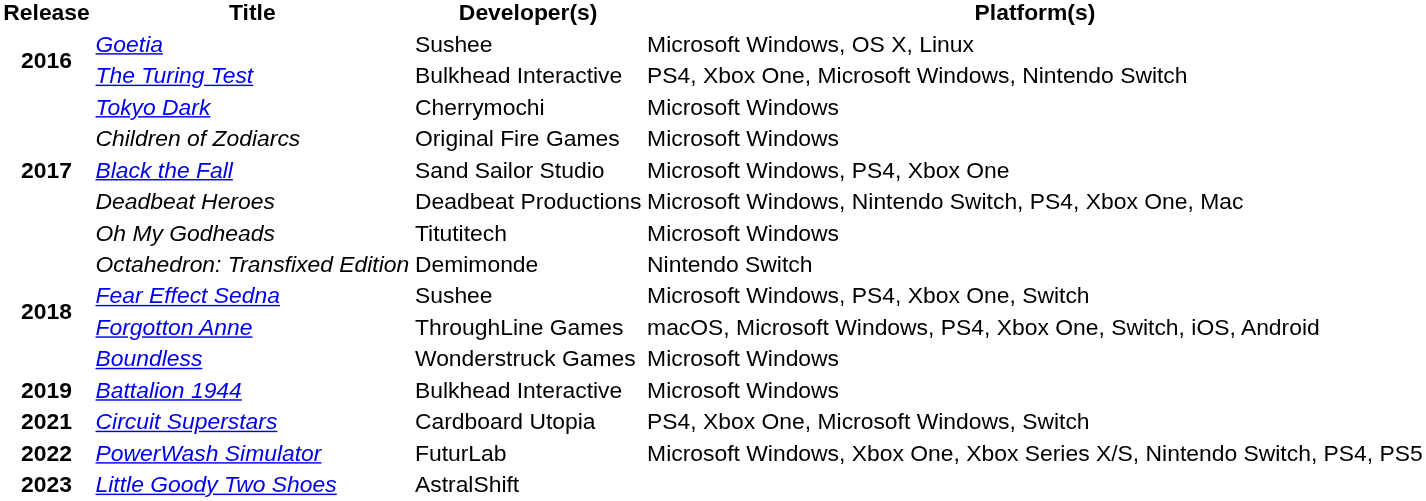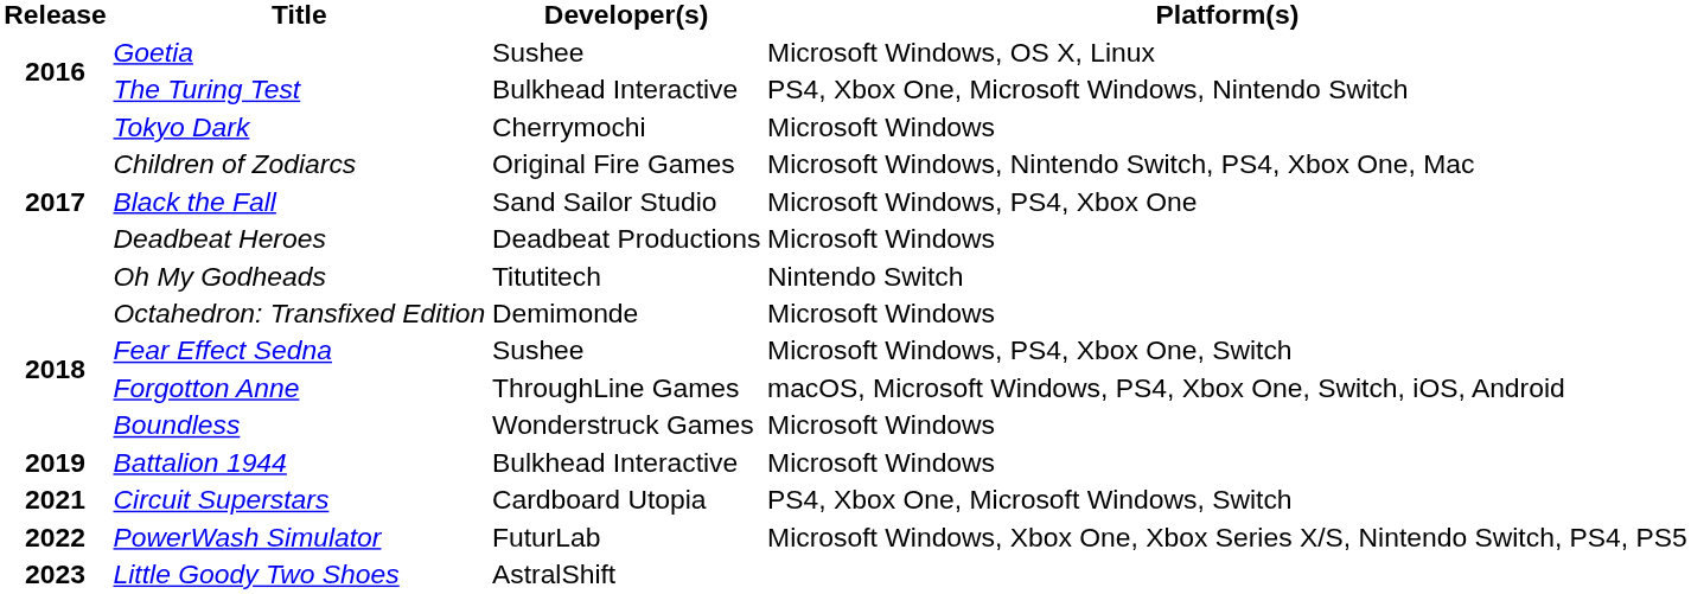 <table>
 <tr>
 <th>Release</th>
 <th>Title</th>
 <th>Developer(s)</th>
 <th>Platform(s)</th>
 <th></th>
 </tr>
 <tr>
 <th rowspan="2">2016</th>
 <td><em><a href='#'>Goetia</a></em></td>
 <td>Sushee</td>
 <td>Microsoft Windows, OS X, Linux</td>
 <td></td>
 </tr>
 <tr>
 <td><em><a href='#'>The Turing Test</a></em></td>
 <td>Bulkhead Interactive</td>
 <td>PS4, Xbox One, Microsoft Windows, Nintendo Switch</td>
 <td></td>
 </tr>
 <tr>
 <th rowspan="5">2017</th>
 <td><em><a href='#'>Tokyo Dark</a></em></td>
 <td>Cherrymochi</td>
 <td>Microsoft Windows</td>
 <td></td>
 </tr>
 <tr>
 <td><em>Children of Zodiarcs</em></td>
 <td>Original Fire Games</td>
-<td>Microsoft Windows</td>
+<td>Microsoft Windows, Nintendo Switch, PS4, Xbox One, Mac</td>
 <td></td>
 </tr>
 <tr>
 <td><em><a href='#'>Black the Fall</a></em></td>
 <td>Sand Sailor Studio</td>
 <td>Microsoft Windows, PS4, Xbox One</td>
 <td></td>
 </tr>
 <tr>
 <td><em>Deadbeat Heroes</em></td>
 <td>Deadbeat Productions</td>
-<td>Microsoft Windows, Nintendo Switch, PS4, Xbox One, Mac</td>
+<td>Microsoft Windows</td>
 <td></td>
 </tr>
 <tr>
 <td><em>Oh My Godheads</em></td>
 <td>Titutitech</td>
-<td>Microsoft Windows</td>
+<td>Nintendo Switch</td>
 <td></td>
 </tr>
 <tr>
 <th rowspan="4">2018</th>
 <td><em>Octahedron: Transfixed Edition</em></td>
 <td>Demimonde</td>
-<td>Nintendo Switch</td>
+<td>Microsoft Windows</td>
 <td></td>
 </tr>
 <tr>
 <td><em><a href='#'>Fear Effect Sedna</a></em></td>
 <td>Sushee</td>
 <td>Microsoft Windows, PS4, Xbox One, Switch</td>
 <td></td>
 </tr>
 <tr>
 <td><em><a href='#'>Forgotton Anne</a></em></td>
 <td>ThroughLine Games</td>
 <td>macOS, Microsoft Windows, PS4, Xbox One, Switch, iOS, Android</td>
 <td></td>
 </tr>
 <tr>
 <td><em><a href='#'>Boundless</a></em></td>
 <td>Wonderstruck Games</td>
 <td>Microsoft Windows</td>
 <td></td>
 </tr>
 <tr>
 <th>2019</th>
 <td><em><a href='#'>Battalion 1944</a></em></td>
 <td>Bulkhead Interactive</td>
 <td>Microsoft Windows</td>
 <td></td>
 </tr>
 <tr>
 <th>2021</th>
 <td><em><a href='#'>Circuit Superstars</a></em></td>
 <td>Cardboard Utopia</td>
 <td>PS4, Xbox One, Microsoft Windows, Switch</td>
 <td></td>
 </tr>
 <tr>
 <th>2022</th>
 <td><em><a href='#'>PowerWash Simulator</a></em></td>
 <td>FuturLab</td>
 <td>Microsoft Windows, Xbox One, Xbox Series X/S, Nintendo Switch, PS4, PS5</td>
 <td></td>
 </tr>
 <tr>
 <th>2023</th>
 <td><em><a href='#'>Little Goody Two Shoes</a></em></td>
 <td>AstralShift</td>
 <td></td>
 <td></td>
 </tr>
 </table>
